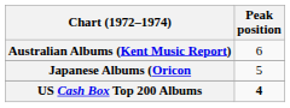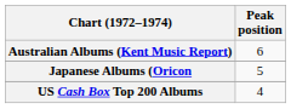 <table class="wikitable sortable plainrowheaders">
 <tr>
 <th>Chart (1972–1974)</th>
 <th>Peak<br>position</th>
 </tr>
 <tr>
 <th scope="row">Australian Albums (<a href='#'>Kent Music Report</a>)</th>
 <td align="center">6</td>
 </tr>
 <tr>
 </tr>
 <tr>
 <th scope="row">Japanese Albums (<a href='#'>Oricon</a></th>
 <td align="center">5</td>
 </tr>
 <tr>
 </tr>
 <tr>
 </tr>
 <tr>
 <th scope="row">US <em><a href='#'>Cash Box</a></em> Top 200 Albums</th>
-<td align="center"><strong>4</strong></td>
+<td align="center">4</td>
 </tr>
 </table>
